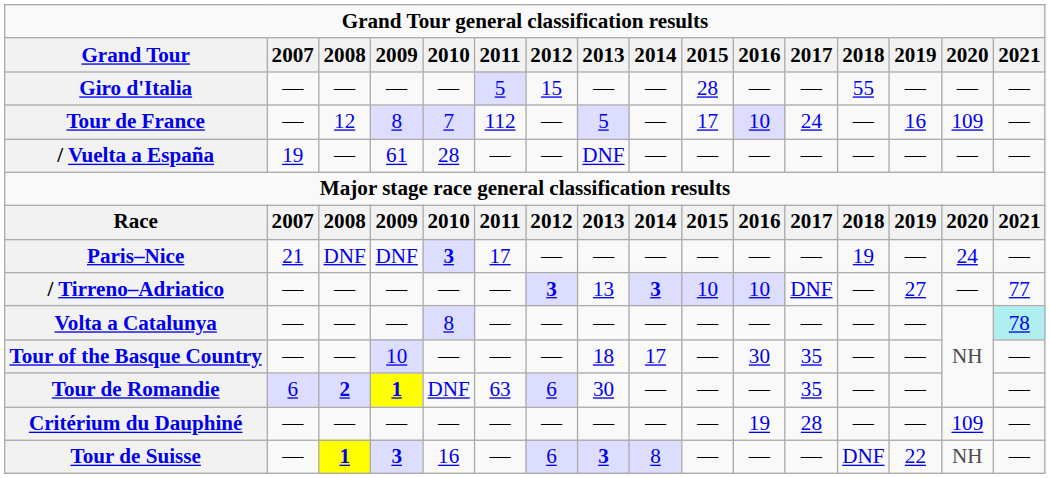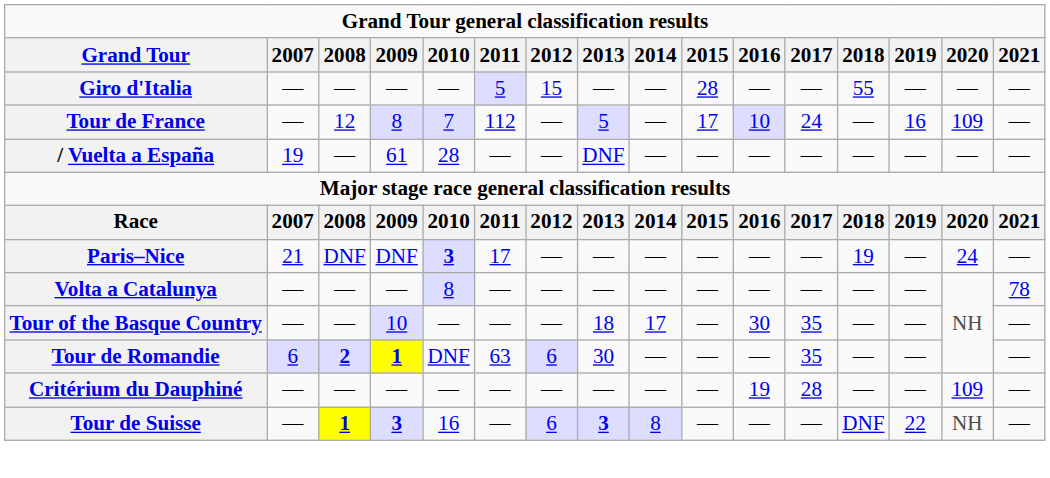 <table class="wikitable plainrowheaders">
 <tr>
 <td align=center colspan=16><strong>Grand Tour general classification results</strong></td>
 </tr>
 <tr>
 <th scope="col"><a href='#'>Grand Tour</a></th>
 <th scope="col">2007</th>
 <th scope="col">2008</th>
 <th scope="col">2009</th>
 <th scope="col">2010</th>
 <th scope="col">2011</th>
 <th scope="col">2012</th>
 <th scope="col">2013</th>
 <th scope="col">2014</th>
 <th scope="col">2015</th>
 <th scope="col">2016</th>
 <th scope="col">2017</th>
 <th scope="col">2018</th>
 <th scope="col">2019</th>
 <th scope="col">2020</th>
 <th scope="col">2021</th>
 </tr>
 <tr style="text-align:center;">
 <th scope="row"> <a href='#'>Giro d'Italia</a></th>
 <td>—</td>
 <td>—</td>
 <td>—</td>
 <td>—</td>
 <td style="background:#ddf;"><a href='#'>5</a></td>
 <td><a href='#'>15</a></td>
 <td>—</td>
 <td>—</td>
 <td><a href='#'>28</a></td>
 <td>—</td>
 <td>—</td>
 <td><a href='#'>55</a></td>
 <td>—</td>
 <td>—</td>
 <td>—</td>
 </tr>
 <tr style="text-align:center;">
 <th scope="row"> <a href='#'>Tour de France</a></th>
 <td>—</td>
 <td><a href='#'>12</a></td>
 <td style="background:#ddf;"><a href='#'>8</a></td>
 <td style="background:#ddf;"><a href='#'>7</a></td>
 <td><a href='#'>112</a></td>
 <td>—</td>
 <td style="background:#ddf;"><a href='#'>5</a></td>
 <td>—</td>
 <td><a href='#'>17</a></td>
 <td style="background:#ddf;"><a href='#'>10</a></td>
 <td><a href='#'>24</a></td>
 <td>—</td>
 <td><a href='#'>16</a></td>
 <td><a href='#'>109</a></td>
 <td>—</td>
 </tr>
 <tr style="text-align:center;">
 <th scope="row">/ <a href='#'>Vuelta a España</a></th>
 <td><a href='#'>19</a></td>
 <td>—</td>
 <td><a href='#'>61</a></td>
 <td><a href='#'>28</a></td>
 <td>—</td>
 <td>—</td>
 <td><a href='#'>DNF</a></td>
 <td>—</td>
 <td>—</td>
 <td>—</td>
 <td>—</td>
 <td>—</td>
 <td>—</td>
 <td>—</td>
 <td>—</td>
 </tr>
 <tr>
 <td align=center colspan=16><strong>Major stage race general classification results</strong></td>
 </tr>
 <tr>
 <th scope="col">Race</th>
 <th scope="col">2007</th>
 <th scope="col">2008</th>
 <th scope="col">2009</th>
 <th scope="col">2010</th>
 <th scope="col">2011</th>
 <th scope="col">2012</th>
 <th scope="col">2013</th>
 <th scope="col">2014</th>
 <th scope="col">2015</th>
 <th scope="col">2016</th>
 <th scope="col">2017</th>
 <th scope="col">2018</th>
 <th scope="col">2019</th>
 <th scope="col">2020</th>
 <th scope="col">2021</th>
 </tr>
 <tr style="text-align:center;">
 <th scope="row"> <a href='#'>Paris–Nice</a></th>
 <td><a href='#'>21</a></td>
 <td><a href='#'>DNF</a></td>
 <td><a href='#'>DNF</a></td>
 <td style="background:#ddf;"><a href='#'><strong>3</strong></a></td>
 <td><a href='#'>17</a></td>
 <td>—</td>
 <td>—</td>
 <td>—</td>
 <td>—</td>
 <td>—</td>
 <td>—</td>
 <td><a href='#'>19</a></td>
 <td>—</td>
 <td><a href='#'>24</a></td>
 <td>—</td>
 </tr>
 <tr style="text-align:center;">
-<th scope="row">/ <a href='#'>Tirreno–Adriatico</a></th>
-<td>—</td>
-<td>—</td>
-<td>—</td>
-<td>—</td>
-<td>—</td>
-<td style="background:#ddf;"><a href='#'><strong>3</strong></a></td>
-<td><a href='#'>13</a></td>
-<td style="background:#ddf;"><a href='#'><strong>3</strong></a></td>
-<td style="background:#ddf;"><a href='#'>10</a></td>
-<td style="background:#ddf;"><a href='#'>10</a></td>
-<td><a href='#'>DNF</a></td>
-<td>—</td>
-<td><a href='#'>27</a></td>
-<td>—</td>
-<td><a href='#'>77</a></td>
-</tr>
-<tr style="text-align:center;">
 <th scope="row"> <a href='#'>Volta a Catalunya</a></th>
 <td>—</td>
 <td>—</td>
 <td>—</td>
 <td style="background:#ddf;"><a href='#'>8</a></td>
 <td>—</td>
 <td>—</td>
 <td>—</td>
 <td>—</td>
 <td>—</td>
 <td>—</td>
 <td>—</td>
 <td>—</td>
 <td>—</td>
 <td style="color:#4d4d4d;" rowspan=3>NH</td>
-<td style="background: paleturquoise;"><a href='#'>78</a></td>
+<td><a href='#'>78</a></td>
 </tr>
 <tr style="text-align:center;">
 <th scope="row"> <a href='#'>Tour of the Basque Country</a></th>
 <td>—</td>
 <td>—</td>
 <td style="background:#ddf;"><a href='#'>10</a></td>
 <td>—</td>
 <td>—</td>
 <td>—</td>
 <td><a href='#'>18</a></td>
 <td><a href='#'>17</a></td>
 <td>—</td>
 <td><a href='#'>30</a></td>
 <td><a href='#'>35</a></td>
 <td>—</td>
 <td>—</td>
 <td>—</td>
 </tr>
 <tr style="text-align:center;">
 <th scope="row"> <a href='#'>Tour de Romandie</a></th>
 <td style="background:#ddf;"><a href='#'>6</a></td>
 <td style="background:#ddf;"><a href='#'><strong>2</strong></a></td>
 <td style="background:yellow;"><a href='#'><strong>1</strong></a></td>
 <td><a href='#'>DNF</a></td>
 <td><a href='#'>63</a></td>
 <td style="background:#ddf;"><a href='#'>6</a></td>
 <td><a href='#'>30</a></td>
 <td>—</td>
 <td>—</td>
 <td>—</td>
 <td><a href='#'>35</a></td>
 <td>—</td>
 <td>—</td>
 <td>—</td>
 </tr>
 <tr style="text-align:center;">
 <th scope="row"> <a href='#'>Critérium du Dauphiné</a></th>
 <td>—</td>
 <td>—</td>
 <td>—</td>
 <td>—</td>
 <td>—</td>
 <td>—</td>
 <td>—</td>
 <td>—</td>
 <td>—</td>
 <td><a href='#'>19</a></td>
 <td><a href='#'>28</a></td>
 <td>—</td>
 <td>—</td>
 <td><a href='#'>109</a></td>
 <td>—</td>
 </tr>
 <tr style="text-align:center;">
 <th scope="row"> <a href='#'>Tour de Suisse</a></th>
 <td>—</td>
 <td style="background:yellow;"><a href='#'><strong>1</strong></a></td>
 <td style="background:#ddf;"><a href='#'><strong>3</strong></a></td>
 <td><a href='#'>16</a></td>
 <td>—</td>
 <td style="background:#ddf;"><a href='#'>6</a></td>
 <td style="background:#ddf;"><a href='#'><strong>3</strong></a></td>
 <td style="background:#ddf;"><a href='#'>8</a></td>
 <td>—</td>
 <td>—</td>
 <td>—</td>
 <td><a href='#'>DNF</a></td>
 <td><a href='#'>22</a></td>
 <td style="color:#4d4d4d;">NH</td>
 <td>—</td>
 </tr>
 </table>
